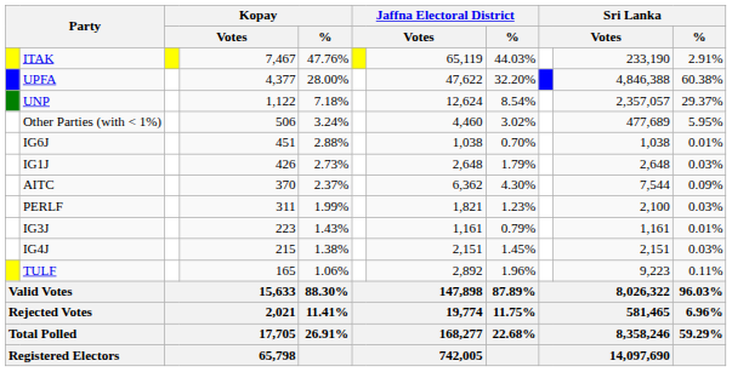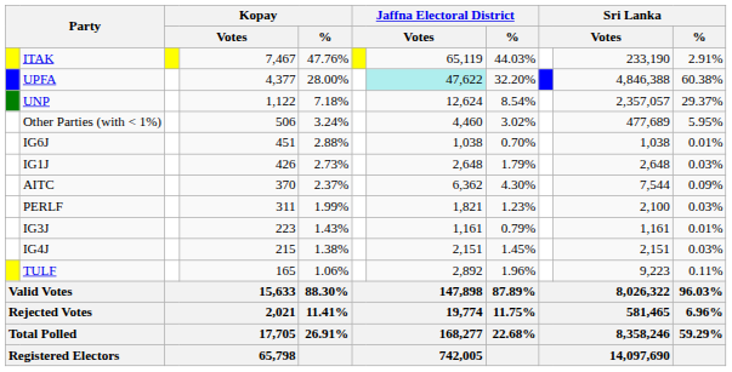 <table class="wikitable">
 <tr>
 <th colspan="2" width="144px"rowspan="2">Party</th>
 <th colspan="3" width="216px">Kopay</th>
 <th colspan="3" width="216px"><a href='#'>Jaffna Electoral District</a></th>
 <th colspan="3" width="216px">Sri Lanka</th>
 </tr>
 <tr>
 <th colspan="2" width="144px">Votes</th>
 <th>%</th>
 <th colspan="2" width="144px">Votes</th>
 <th>%</th>
 <th colspan="2" width="144px">Votes</th>
 <th>%</th>
 </tr>
 <tr>
 <td style="background-color:yellow;" width="10px"></td>
 <td style="text-align:left;"><a href='#'>ITAK</a></td>
 <td style="background-color:yellow;" width="10px"></td>
 <td style="text-align:right;">7,467</td>
 <td style="text-align:right;">47.76%</td>
 <td style="background-color:yellow;" width="10px"></td>
 <td style="text-align:right;">65,119</td>
 <td style="text-align:right;">44.03%</td>
 <td style="background-color:white;" width="10px"></td>
 <td style="text-align:right;">233,190</td>
 <td style="text-align:right;">2.91%</td>
 </tr>
 <tr>
 <td style="background-color:blue;" width="10px"></td>
 <td style="text-align:left;"><a href='#'>UPFA</a></td>
 <td style="background-color:white;" width="10px"></td>
 <td style="text-align:right;">4,377</td>
 <td style="text-align:right;">28.00%</td>
 <td style="background-color:white;" width="10px"></td>
-<td style="text-align:right;">47,622</td>
+<td style="background: paleturquoise; text-align:right;">47,622</td>
 <td style="text-align:right;">32.20%</td>
 <td style="background-color:blue;" width="10px"></td>
 <td style="text-align:right;">4,846,388</td>
 <td style="text-align:right;">60.38%</td>
 </tr>
 <tr>
 <td style="background-color:green;" width="10px"></td>
 <td style="text-align:left;"><a href='#'>UNP</a></td>
 <td style="background-color:white;" width="10px"></td>
 <td style="text-align:right;">1,122</td>
 <td style="text-align:right;">7.18%</td>
 <td style="background-color:white;" width="10px"></td>
 <td style="text-align:right;">12,624</td>
 <td style="text-align:right;">8.54%</td>
 <td style="background-color:white;" width="10px"></td>
 <td style="text-align:right;">2,357,057</td>
 <td style="text-align:right;">29.37%</td>
 </tr>
 <tr>
 <td style="background-color:white;" width="10px"></td>
 <td style="text-align:left;">Other Parties (with < 1%)</td>
 <td style="background-color:white;" width="10px"></td>
 <td style="text-align:right;">506</td>
 <td style="text-align:right;">3.24%</td>
 <td style="background-color:white;" width="10px"></td>
 <td style="text-align:right;">4,460</td>
 <td style="text-align:right;">3.02%</td>
 <td style="background-color:white;" width="10px"></td>
 <td style="text-align:right;">477,689</td>
 <td style="text-align:right;">5.95%</td>
 </tr>
 <tr>
 <td style="background-color:white;" width="10px"></td>
 <td style="text-align:left;">IG6J</td>
 <td style="background-color:white;" width="10px"></td>
 <td style="text-align:right;">451</td>
 <td style="text-align:right;">2.88%</td>
 <td style="background-color:white;" width="10px"></td>
 <td style="text-align:right;">1,038</td>
 <td style="text-align:right;">0.70%</td>
 <td style="background-color:white;" width="10px"></td>
 <td style="text-align:right;">1,038</td>
 <td style="text-align:right;">0.01%</td>
 </tr>
 <tr>
 <td style="background-color:white;" width="10px"></td>
 <td style="text-align:left;">IG1J</td>
 <td style="background-color:white;" width="10px"></td>
 <td style="text-align:right;">426</td>
 <td style="text-align:right;">2.73%</td>
 <td style="background-color:white;" width="10px"></td>
 <td style="text-align:right;">2,648</td>
 <td style="text-align:right;">1.79%</td>
 <td style="background-color:white;" width="10px"></td>
 <td style="text-align:right;">2,648</td>
 <td style="text-align:right;">0.03%</td>
 </tr>
 <tr>
 <td style="background-color:white;" width="10px"></td>
 <td style="text-align:left;">AITC</td>
 <td style="background-color:white;" width="10px"></td>
 <td style="text-align:right;">370</td>
 <td style="text-align:right;">2.37%</td>
 <td style="background-color:white;" width="10px"></td>
 <td style="text-align:right;">6,362</td>
 <td style="text-align:right;">4.30%</td>
 <td style="background-color:white;" width="10px"></td>
 <td style="text-align:right;">7,544</td>
 <td style="text-align:right;">0.09%</td>
 </tr>
 <tr>
 <td style="background-color:white;" width="10px"></td>
 <td style="text-align:left;">PERLF</td>
 <td style="background-color:white;" width="10px"></td>
 <td style="text-align:right;">311</td>
 <td style="text-align:right;">1.99%</td>
 <td style="background-color:white;" width="10px"></td>
 <td style="text-align:right;">1,821</td>
 <td style="text-align:right;">1.23%</td>
 <td style="background-color:white;" width="10px"></td>
 <td style="text-align:right;">2,100</td>
 <td style="text-align:right;">0.03%</td>
 </tr>
 <tr>
 <td style="background-color:white;" width="10px"></td>
 <td style="text-align:left;">IG3J</td>
 <td style="background-color:white;" width="10px"></td>
 <td style="text-align:right;">223</td>
 <td style="text-align:right;">1.43%</td>
 <td style="background-color:white;" width="10px"></td>
 <td style="text-align:right;">1,161</td>
 <td style="text-align:right;">0.79%</td>
 <td style="background-color:white;" width="10px"></td>
 <td style="text-align:right;">1,161</td>
 <td style="text-align:right;">0.01%</td>
 </tr>
 <tr>
 <td style="background-color:white;" width="10px"></td>
 <td style="text-align:left;">IG4J</td>
 <td style="background-color:white;" width="10px"></td>
 <td style="text-align:right;">215</td>
 <td style="text-align:right;">1.38%</td>
 <td style="background-color:white;" width="10px"></td>
 <td style="text-align:right;">2,151</td>
 <td style="text-align:right;">1.45%</td>
 <td style="background-color:white;" width="10px"></td>
 <td style="text-align:right;">2,151</td>
 <td style="text-align:right;">0.03%</td>
 </tr>
 <tr>
 <td style="background-color:yellow;" width="10px"></td>
 <td style="text-align:left;"><a href='#'>TULF</a></td>
 <td style="background-color:white;" width="10px"></td>
 <td style="text-align:right;">165</td>
 <td style="text-align:right;">1.06%</td>
 <td style="background-color:white;" width="10px"></td>
 <td style="text-align:right;">2,892</td>
 <td style="text-align:right;">1.96%</td>
 <td style="background-color:white;" width="10px"></td>
 <td style="text-align:right;">9,223</td>
 <td style="text-align:right;">0.11%</td>
 </tr>
 <tr>
 <th colspan="2" width="144px"style="text-align:left;">Valid Votes</th>
 <th style="text-align:right;"colspan="2" width="144px">15,633</th>
 <th style="text-align:right;">88.30%</th>
 <th style="text-align:right;"colspan="2" width="144px">147,898</th>
 <th style="text-align:right;">87.89%</th>
 <th style="text-align:right;"colspan="2" width="144px">8,026,322</th>
 <th style="text-align:right;">96.03%</th>
 </tr>
 <tr>
 <th colspan="2" width="144px"style="text-align:left;">Rejected Votes</th>
 <th style="text-align:right;"colspan="2" width="144px">2,021</th>
 <th style="text-align:right;">11.41%</th>
 <th style="text-align:right;"colspan="2" width="144px">19,774</th>
 <th style="text-align:right;">11.75%</th>
 <th style="text-align:right;"colspan="2" width="144px">581,465</th>
 <th style="text-align:right;">6.96%</th>
 </tr>
 <tr>
 <th colspan="2" width="144px"style="text-align:left;">Total Polled</th>
 <th style="text-align:right;"colspan="2" width="144px">17,705</th>
 <th style="text-align:right;">26.91%</th>
 <th style="text-align:right;"colspan="2" width="144px">168,277</th>
 <th style="text-align:right;">22.68%</th>
 <th style="text-align:right;"colspan="2" width="144px">8,358,246</th>
 <th style="text-align:right;">59.29%</th>
 </tr>
 <tr>
 <th colspan="2" width="144px"style="text-align:left;">Registered Electors</th>
 <th style="text-align:right;"colspan="2" width="144px">65,798</th>
 <th></th>
 <th style="text-align:right;"colspan="2" width="144px">742,005</th>
 <th></th>
 <th style="text-align:right;"colspan="2" width="144px">14,097,690</th>
 <th></th>
 </tr>
 </table>
